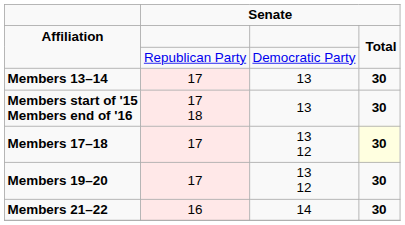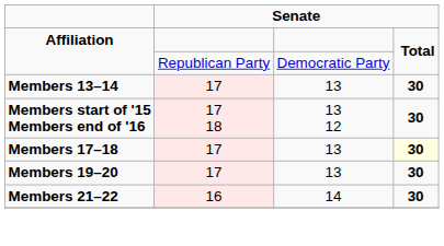 <table class="wikitable">
 <tr>
 <td style="text-align:center;vertical-align:top;"></td>
 <td colspan="4" align="center" valign="top"><strong>Senate</strong></td>
 </tr>
 <tr>
 <td rowspan="2" style="text-align:center;vertical-align:top;"><strong>Affiliation</strong></td>
 <td style="background-color:"> </td>
 <td style="background-color:"> </td>
 <td rowspan="2"> <strong>Total</strong></td>
 </tr>
 <tr>
 <td><a href='#'>Republican Party</a></td>
 <td><a href='#'>Democratic Party</a></td>
 </tr>
 <tr>
 <td><strong>Members 13–14</strong></td>
 <td style="background:#FFE8E8" align=center>17</td>
 <td style="text-align:center;">13</td>
 <td style="text-align:center;"><strong>30</strong></td>
 </tr>
 <tr>
 <td><strong>Members start of '15</strong> <br><strong>Members end of '16</strong></td>
 <td style="background:#FFE8E8" align=center>17<br>18</td>
-<td style="text-align:center;">13</td>
+<td style="text-align:center;">13<br>12</td>
 <td style="text-align:center;"><strong>30</strong></td>
 </tr>
 <tr>
 <td><strong>Members 17–18</strong></td>
 <td style="background:#FFE8E8" align=center>17</td>
-<td style="text-align:center;">13<br>12</td>
+<td style="text-align:center;">13</td>
 <td style="background: lightyellow; text-align:center;"><strong>30</strong></td>
 </tr>
 <tr>
 <td><strong>Members 19–20</strong></td>
 <td style="background:#FFE8E8" align=center>17</td>
-<td style="text-align:center;">13<br>12</td>
+<td style="text-align:center;">13</td>
 <td style="text-align:center;"><strong>30</strong></td>
 </tr>
 <tr>
 <td><strong>Members 21–22</strong></td>
 <td style="background:#FFE8E8" align=center>16</td>
 <td style="text-align:center;">14</td>
 <td style="text-align:center;"><strong>30</strong></td>
 </tr>
 <tr>
 </tr>
 </table>
